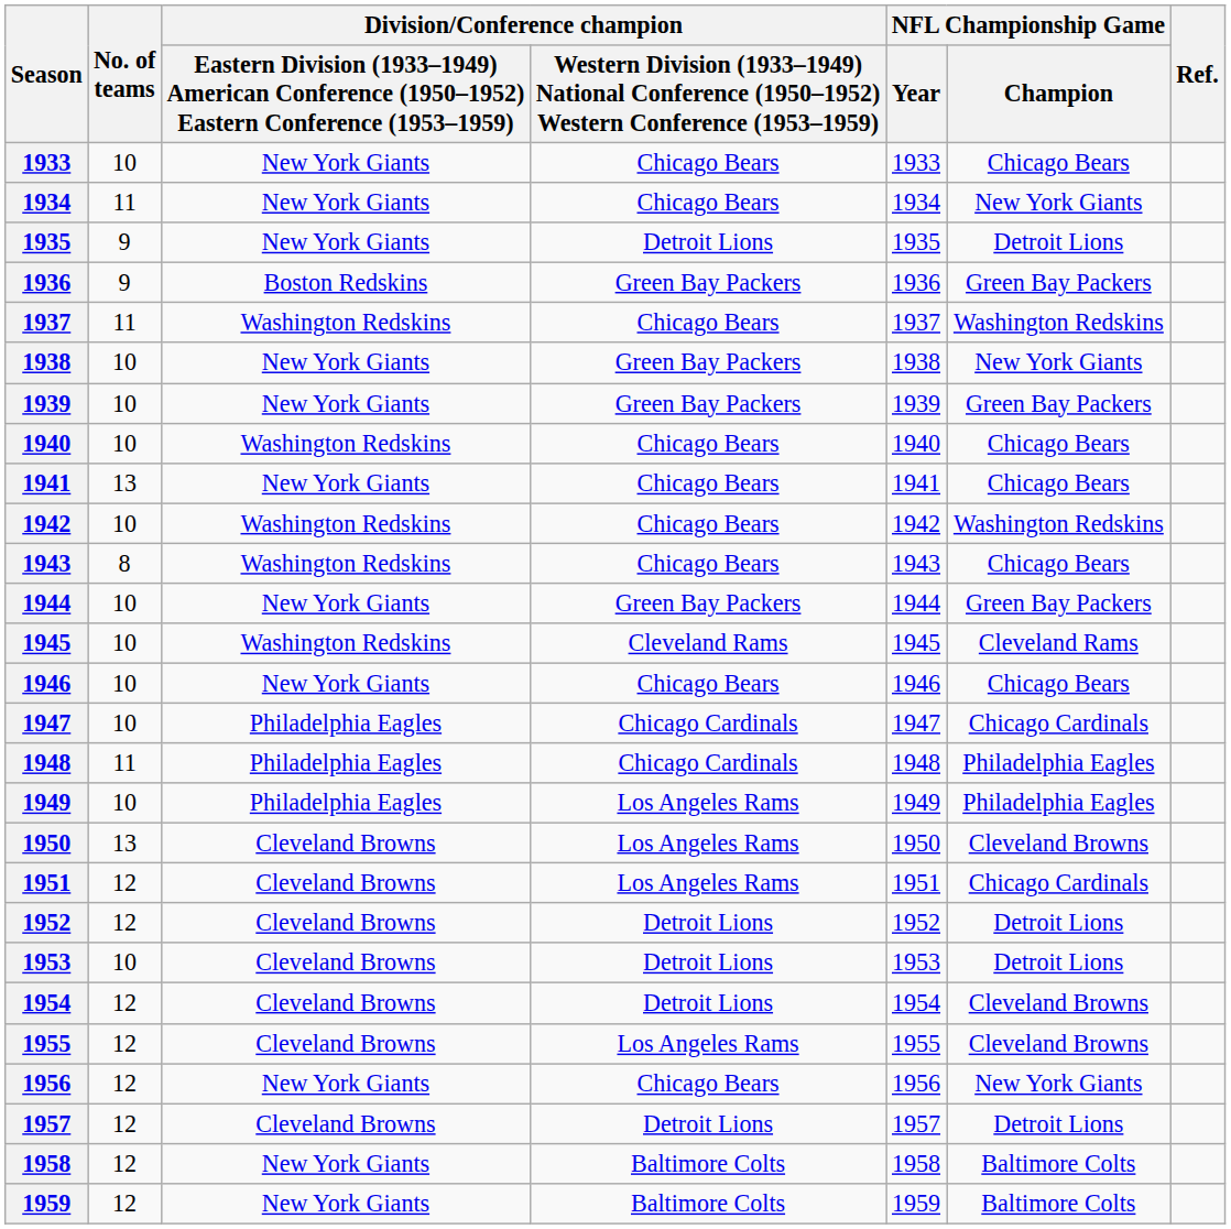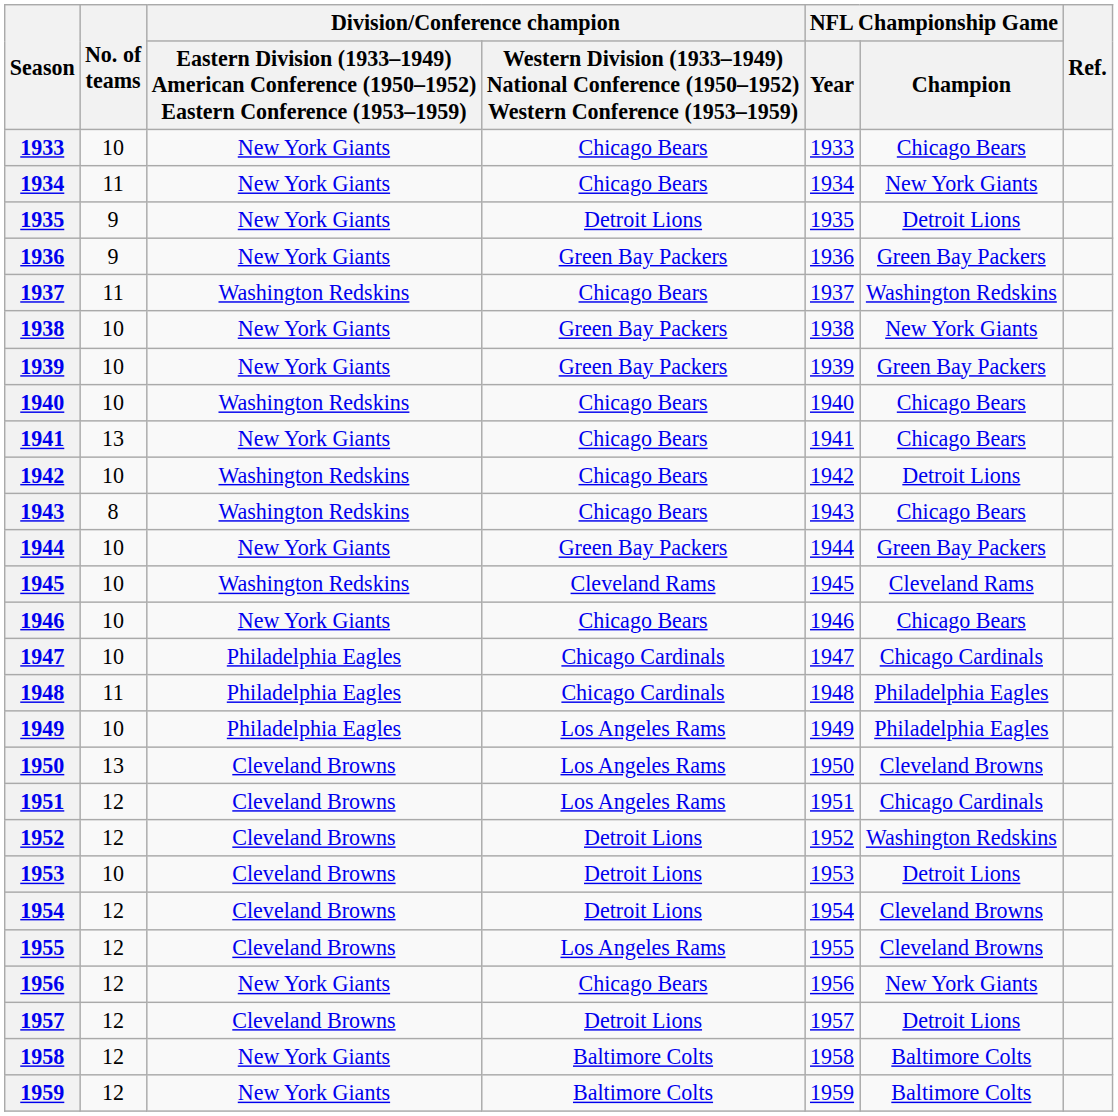 <table class="wikitable plainrowheaders" style="text-align:center; font-size:95%">
 <tr>
 <th rowspan="2">Season</th>
 <th rowspan="2">No. of<br>teams</th>
 <th colspan="2">Division/Conference champion</th>
 <th colspan="2">NFL Championship Game</th>
 <th rowspan="2">Ref.</th>
 </tr>
 <tr>
 <th>Eastern Division (1933–1949)<br>American Conference (1950–1952)<br>Eastern Conference (1953–1959)</th>
 <th>Western Division (1933–1949)<br>National Conference (1950–1952)<br>Western Conference (1953–1959)</th>
 <th>Year</th>
 <th>Champion</th>
 </tr>
 <tr>
 <th><a href='#'>1933</a></th>
 <td>10</td>
 <td><a href='#'>New York Giants</a></td>
 <td><a href='#'>Chicago Bears</a></td>
 <td><a href='#'>1933</a></td>
 <td><a href='#'>Chicago Bears</a></td>
 <td></td>
 </tr>
 <tr>
 <th><a href='#'>1934</a></th>
 <td>11</td>
 <td><a href='#'>New York Giants</a></td>
 <td><a href='#'>Chicago Bears</a></td>
 <td><a href='#'>1934</a></td>
 <td><a href='#'>New York Giants</a></td>
 <td></td>
 </tr>
 <tr>
 <th><a href='#'>1935</a></th>
 <td>9</td>
 <td><a href='#'>New York Giants</a></td>
 <td><a href='#'>Detroit Lions</a></td>
 <td><a href='#'>1935</a></td>
 <td><a href='#'>Detroit Lions</a></td>
 <td></td>
 </tr>
 <tr>
 <th><a href='#'>1936</a></th>
 <td>9</td>
-<td><a href='#'>Boston Redskins</a></td>
+<td><a href='#'>New York Giants</a></td>
 <td><a href='#'>Green Bay Packers</a></td>
 <td><a href='#'>1936</a></td>
 <td><a href='#'>Green Bay Packers</a></td>
 <td></td>
 </tr>
 <tr>
 <th><a href='#'>1937</a></th>
 <td>11</td>
 <td><a href='#'>Washington Redskins</a></td>
 <td><a href='#'>Chicago Bears</a></td>
 <td><a href='#'>1937</a></td>
 <td><a href='#'>Washington Redskins</a></td>
 <td></td>
 </tr>
 <tr>
 <th><a href='#'>1938</a></th>
 <td>10</td>
 <td><a href='#'>New York Giants</a></td>
 <td><a href='#'>Green Bay Packers</a></td>
 <td><a href='#'>1938</a></td>
 <td><a href='#'>New York Giants</a></td>
 <td></td>
 </tr>
 <tr>
 <th><a href='#'>1939</a></th>
 <td>10</td>
 <td><a href='#'>New York Giants</a></td>
 <td><a href='#'>Green Bay Packers</a></td>
 <td><a href='#'>1939</a></td>
 <td><a href='#'>Green Bay Packers</a></td>
 <td></td>
 </tr>
 <tr>
 <th><a href='#'>1940</a></th>
 <td>10</td>
 <td><a href='#'>Washington Redskins</a></td>
 <td><a href='#'>Chicago Bears</a></td>
 <td><a href='#'>1940</a></td>
 <td><a href='#'>Chicago Bears</a></td>
 <td></td>
 </tr>
 <tr>
 <th><a href='#'>1941</a></th>
 <td>13</td>
 <td><a href='#'>New York Giants</a></td>
 <td><a href='#'>Chicago Bears</a></td>
 <td><a href='#'>1941</a></td>
 <td><a href='#'>Chicago Bears</a></td>
 <td></td>
 </tr>
 <tr>
 <th><a href='#'>1942</a></th>
 <td>10</td>
 <td><a href='#'>Washington Redskins</a></td>
 <td><a href='#'>Chicago Bears</a></td>
 <td><a href='#'>1942</a></td>
-<td><a href='#'>Washington Redskins</a></td>
+<td><a href='#'>Detroit Lions</a></td>
 <td></td>
 </tr>
 <tr>
 <th><a href='#'>1943</a></th>
 <td>8</td>
 <td><a href='#'>Washington Redskins</a></td>
 <td><a href='#'>Chicago Bears</a></td>
 <td><a href='#'>1943</a></td>
 <td><a href='#'>Chicago Bears</a></td>
 <td></td>
 </tr>
 <tr>
 <th><a href='#'>1944</a></th>
 <td>10</td>
 <td><a href='#'>New York Giants</a></td>
 <td><a href='#'>Green Bay Packers</a></td>
 <td><a href='#'>1944</a></td>
 <td><a href='#'>Green Bay Packers</a></td>
 <td></td>
 </tr>
 <tr>
 <th><a href='#'>1945</a></th>
 <td>10</td>
 <td><a href='#'>Washington Redskins</a></td>
 <td><a href='#'>Cleveland Rams</a></td>
 <td><a href='#'>1945</a></td>
 <td><a href='#'>Cleveland Rams</a></td>
 <td></td>
 </tr>
 <tr>
 <th><a href='#'>1946</a></th>
 <td>10</td>
 <td><a href='#'>New York Giants</a></td>
 <td><a href='#'>Chicago Bears</a></td>
 <td><a href='#'>1946</a></td>
 <td><a href='#'>Chicago Bears</a></td>
 <td></td>
 </tr>
 <tr>
 <th><a href='#'>1947</a></th>
 <td>10</td>
 <td><a href='#'>Philadelphia Eagles</a></td>
 <td><a href='#'>Chicago Cardinals</a></td>
 <td><a href='#'>1947</a></td>
 <td><a href='#'>Chicago Cardinals</a></td>
 <td></td>
 </tr>
 <tr>
 <th><a href='#'>1948</a></th>
 <td>11</td>
 <td><a href='#'>Philadelphia Eagles</a></td>
 <td><a href='#'>Chicago Cardinals</a></td>
 <td><a href='#'>1948</a></td>
 <td><a href='#'>Philadelphia Eagles</a></td>
 <td></td>
 </tr>
 <tr>
 <th><a href='#'>1949</a></th>
 <td>10</td>
 <td><a href='#'>Philadelphia Eagles</a></td>
 <td><a href='#'>Los Angeles Rams</a></td>
 <td><a href='#'>1949</a></td>
 <td><a href='#'>Philadelphia Eagles</a></td>
 <td></td>
 </tr>
 <tr>
 <th><a href='#'>1950</a></th>
 <td>13</td>
 <td><a href='#'>Cleveland Browns</a></td>
 <td><a href='#'>Los Angeles Rams</a></td>
 <td><a href='#'>1950</a></td>
 <td><a href='#'>Cleveland Browns</a></td>
 <td></td>
 </tr>
 <tr>
 <th><a href='#'>1951</a></th>
 <td>12</td>
 <td><a href='#'>Cleveland Browns</a></td>
 <td><a href='#'>Los Angeles Rams</a></td>
 <td><a href='#'>1951</a></td>
 <td><a href='#'>Chicago Cardinals</a></td>
 <td></td>
 </tr>
 <tr>
 <th><a href='#'>1952</a></th>
 <td>12</td>
 <td><a href='#'>Cleveland Browns</a></td>
 <td><a href='#'>Detroit Lions</a></td>
 <td><a href='#'>1952</a></td>
-<td><a href='#'>Detroit Lions</a></td>
+<td><a href='#'>Washington Redskins</a></td>
 <td></td>
 </tr>
 <tr>
 <th><a href='#'>1953</a></th>
 <td>10</td>
 <td><a href='#'>Cleveland Browns</a></td>
 <td><a href='#'>Detroit Lions</a></td>
 <td><a href='#'>1953</a></td>
 <td><a href='#'>Detroit Lions</a></td>
 <td></td>
 </tr>
 <tr>
 <th><a href='#'>1954</a></th>
 <td>12</td>
 <td><a href='#'>Cleveland Browns</a></td>
 <td><a href='#'>Detroit Lions</a></td>
 <td><a href='#'>1954</a></td>
 <td><a href='#'>Cleveland Browns</a></td>
 <td></td>
 </tr>
 <tr>
 <th><a href='#'>1955</a></th>
 <td>12</td>
 <td><a href='#'>Cleveland Browns</a></td>
 <td><a href='#'>Los Angeles Rams</a></td>
 <td><a href='#'>1955</a></td>
 <td><a href='#'>Cleveland Browns</a></td>
 <td></td>
 </tr>
 <tr>
 <th><a href='#'>1956</a></th>
 <td>12</td>
 <td><a href='#'>New York Giants</a></td>
 <td><a href='#'>Chicago Bears</a></td>
 <td><a href='#'>1956</a></td>
 <td><a href='#'>New York Giants</a></td>
 <td></td>
 </tr>
 <tr>
 <th><a href='#'>1957</a></th>
 <td>12</td>
 <td><a href='#'>Cleveland Browns</a></td>
 <td><a href='#'>Detroit Lions</a></td>
 <td><a href='#'>1957</a></td>
 <td><a href='#'>Detroit Lions</a></td>
 <td></td>
 </tr>
 <tr>
 <th><a href='#'>1958</a></th>
 <td>12</td>
 <td><a href='#'>New York Giants</a></td>
 <td><a href='#'>Baltimore Colts</a></td>
 <td><a href='#'>1958</a></td>
 <td><a href='#'>Baltimore Colts</a></td>
 <td></td>
 </tr>
 <tr>
 <th><a href='#'>1959</a></th>
 <td>12</td>
 <td><a href='#'>New York Giants</a></td>
 <td><a href='#'>Baltimore Colts</a></td>
 <td><a href='#'>1959</a></td>
 <td><a href='#'>Baltimore Colts</a></td>
 <td></td>
 </tr>
 </table>
